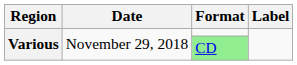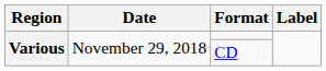 <table class="wikitable plainrowheaders">
 <tr>
 <th>Region</th>
 <th>Date</th>
 <th>Format</th>
 <th>Label</th>
 </tr>
 <tr>
 <th scope="row" rowspan="2">Various</th>
 <td rowspan="2">November 29, 2018</td>
 <td></td>
 <td rowspan="2"></td>
 </tr>
 <tr>
-<td style="background: lightgreen;"><a href='#'>CD</a></td>
+<td><a href='#'>CD</a></td>
 </tr>
 </table>
